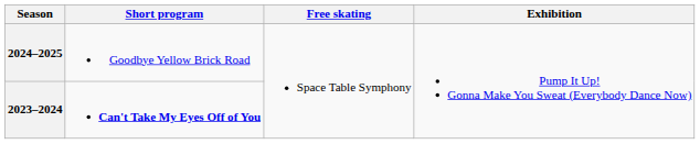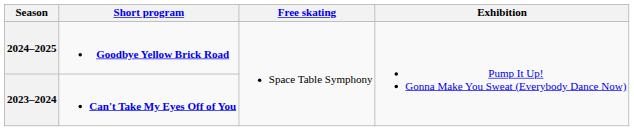 <table class=wikitable style=text-align:center>
 <tr>
 <th>Season</th>
 <th><a href='#'>Short program</a></th>
 <th><a href='#'>Free skating</a></th>
 <th>Exhibition</th>
 </tr>
 <tr>
 <th>2024–2025 <br> </th>
-<td><br><ul><li><a href='#'>Goodbye Yellow Brick Road</a> <br> </li></ul></td>
+<td><strong><br><ul><li><a href='#'>Goodbye Yellow Brick Road</a> <br> </li></ul></strong></td>
 <td rowspan=2><br><ul><li>Space Table Symphony <br> </li></ul></td>
 <td rowspan=2><br><ul><li><a href='#'>Pump It Up!</a> <br></li><li><a href='#'>Gonna Make You Sweat (Everybody Dance Now)</a> <br> </li></ul></td>
 </tr>
 <tr>
 <th>2023–2024 <br> </th>
 <td><strong><br><ul><li><a href='#'>Can't Take My Eyes Off of You</a> <br> </li></ul></strong></td>
 </tr>
 </table>
